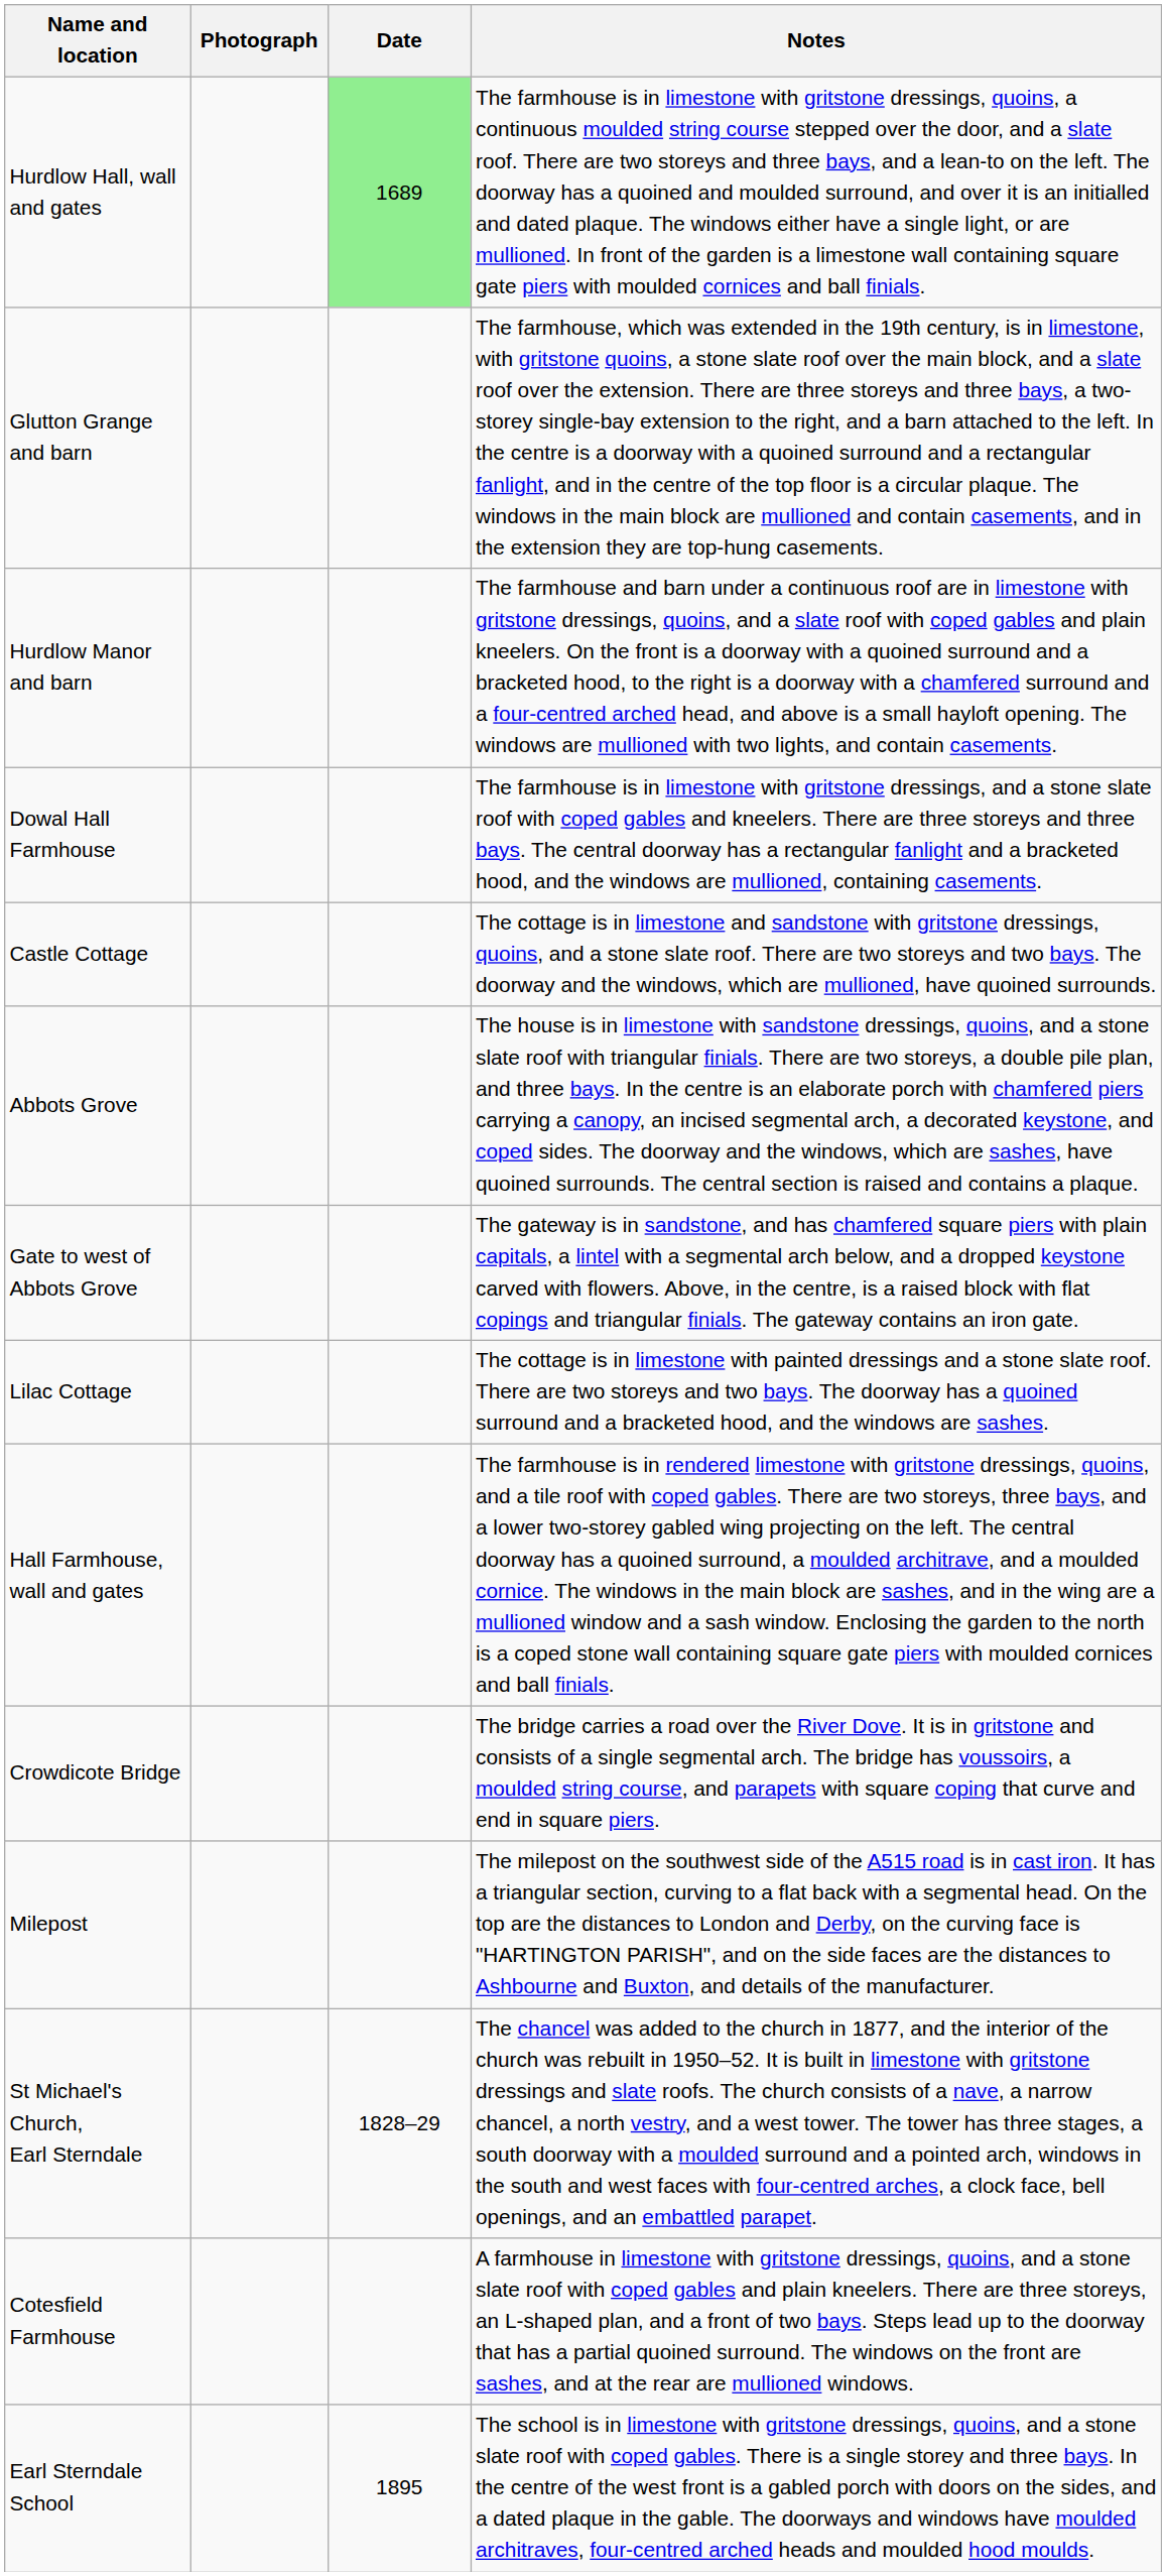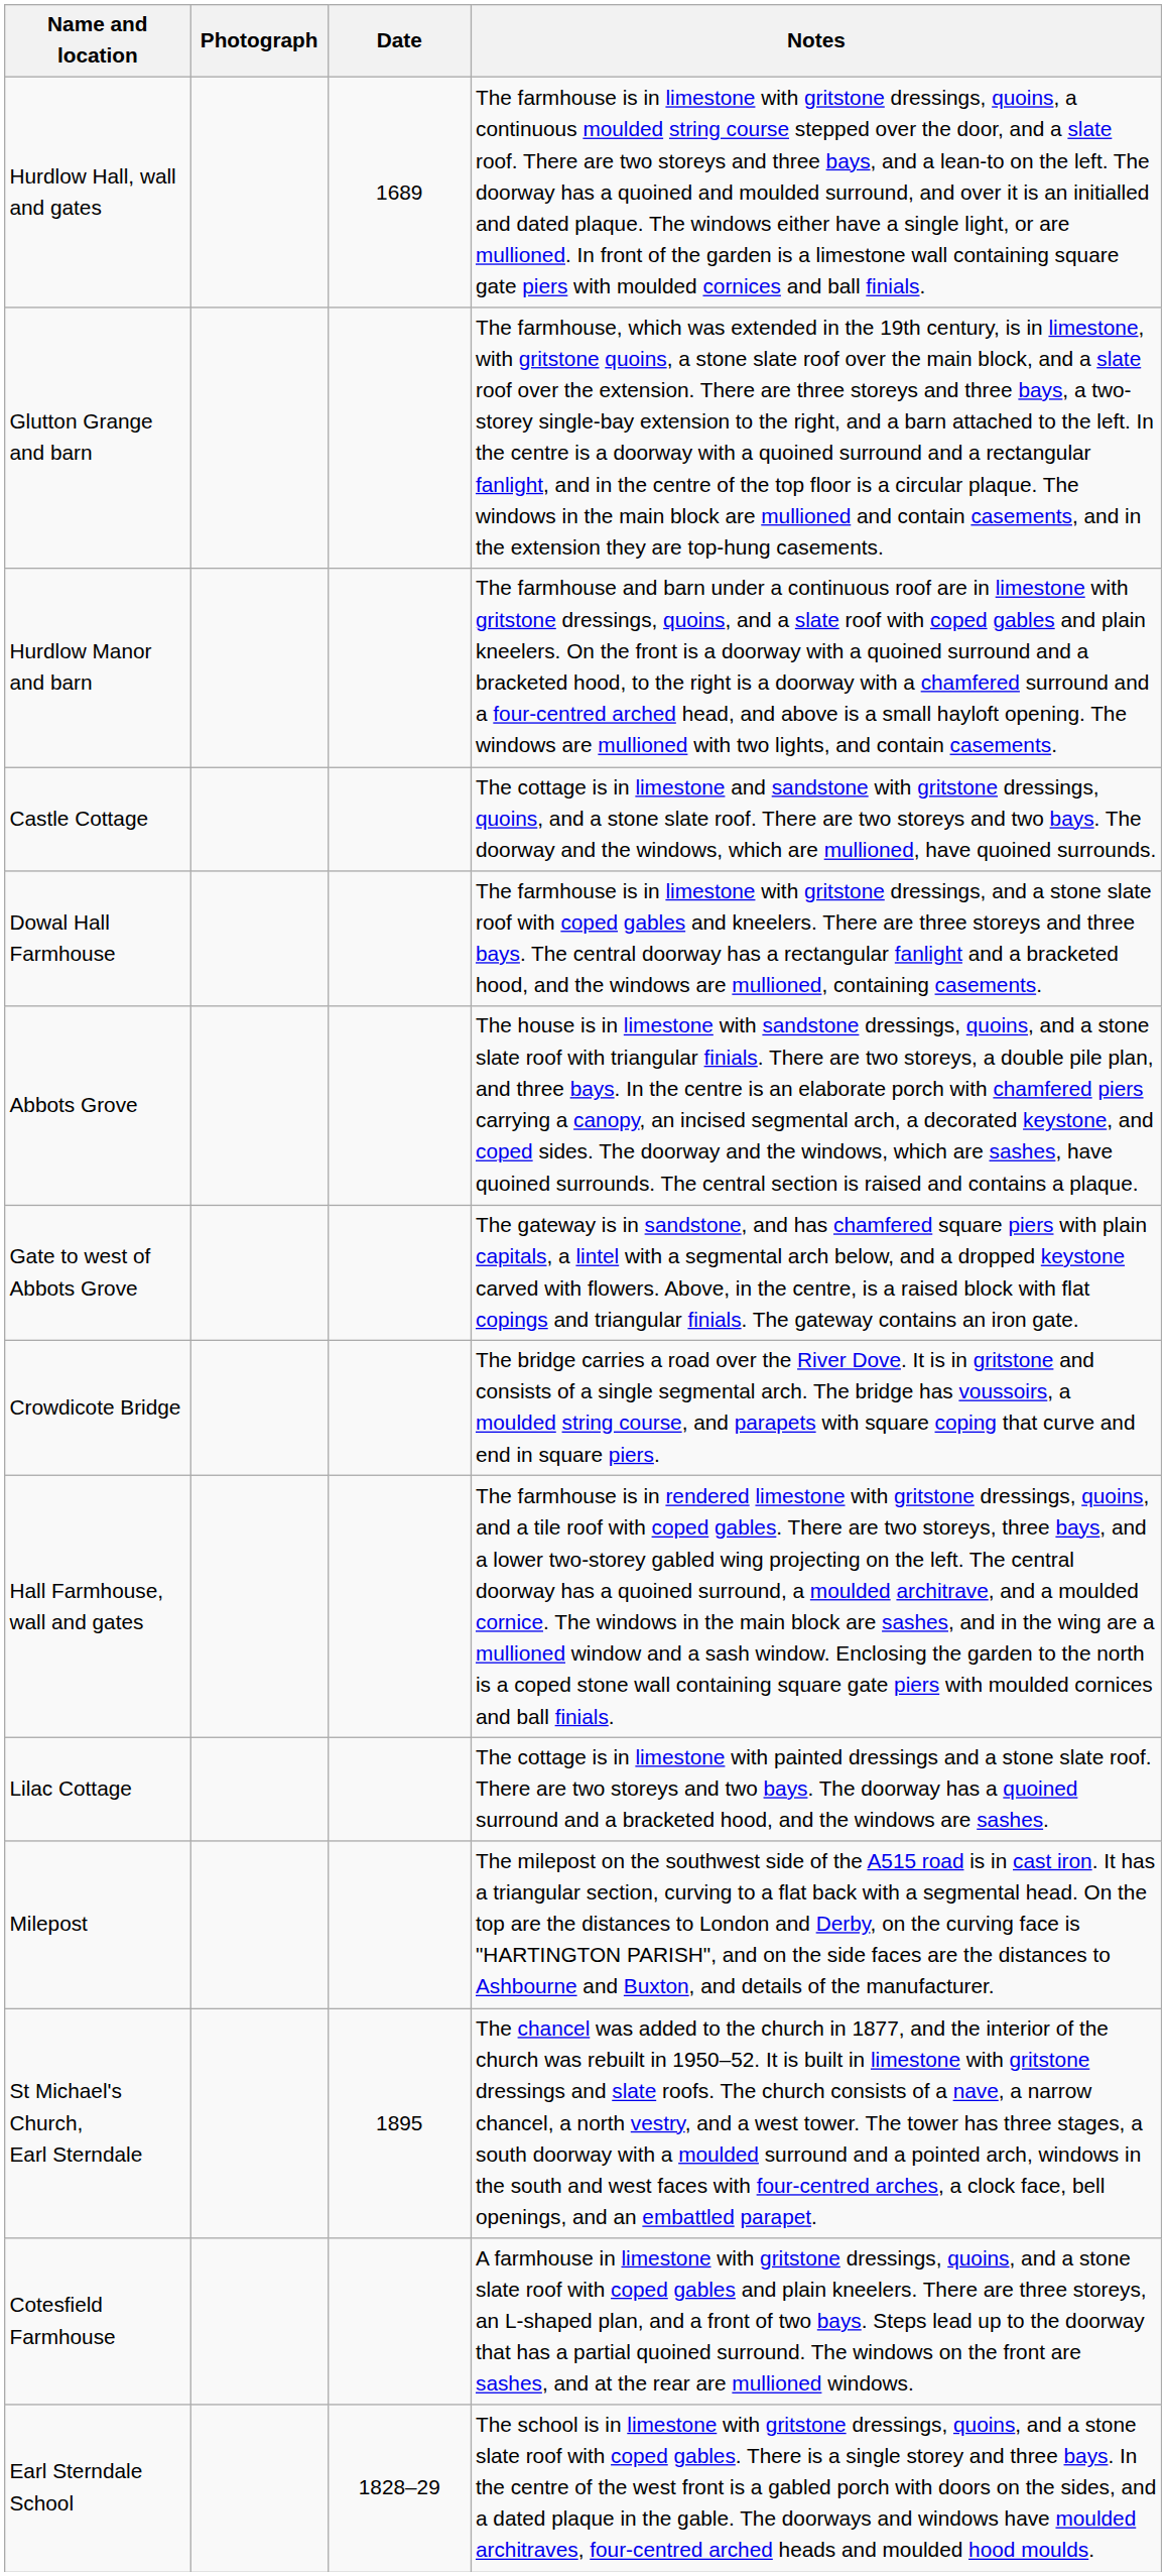 <table class="wikitable sortable plainrowheaders" style="width:100%;border:0px;text-align:left;line-height:150%;">
 <tr>
 <th scope="col"  style="width:150px">Name and location</th>
 <th scope="col"  style="width:100px" class="unsortable">Photograph</th>
 <th scope="col"  style="width:120px">Date</th>
 <th scope="col"  style="width:650px" class="unsortable">Notes</th>
 </tr>
 <tr>
 <td>Hurdlow Hall, wall and gates<br><small></small></td>
 <td></td>
-<td align="center" style="background: lightgreen;">1689</td>
+<td align="center">1689</td>
 <td>The farmhouse is in <a href='#'>limestone</a> with <a href='#'>gritstone</a> dressings, <a href='#'>quoins</a>, a continuous <a href='#'>moulded</a> <a href='#'>string course</a> stepped over the door, and a <a href='#'>slate</a> roof.  There are two storeys and three <a href='#'>bays</a>, and a lean-to on the left.  The doorway has a quoined and moulded surround, and over it is an initialled and dated plaque.  The windows either have a single light, or are <a href='#'>mullioned</a>.  In front of the garden is a limestone wall containing square gate <a href='#'>piers</a> with moulded <a href='#'>cornices</a> and ball <a href='#'>finials</a>.</td>
 </tr>
 <tr>
 <td>Glutton Grange and barn<br><small></small></td>
 <td></td>
 <td align="center"></td>
 <td>The farmhouse, which was extended in the 19th century, is in <a href='#'>limestone</a>, with <a href='#'>gritstone</a> <a href='#'>quoins</a>, a stone slate roof over the main block, and a <a href='#'>slate</a> roof over the extension.  There are three storeys and three <a href='#'>bays</a>, a two-storey single-bay extension to the right, and a barn attached to the left.  In the centre is a doorway with a quoined surround and a rectangular <a href='#'>fanlight</a>, and in the centre of the top floor is a circular plaque.  The windows in the main block are <a href='#'>mullioned</a> and contain <a href='#'>casements</a>, and in the extension they are top-hung casements.</td>
 </tr>
 <tr>
 <td>Hurdlow Manor and barn<br><small></small></td>
 <td></td>
 <td align="center"></td>
 <td>The farmhouse and barn under a continuous roof are in <a href='#'>limestone</a> with <a href='#'>gritstone</a> dressings, <a href='#'>quoins</a>, and a <a href='#'>slate</a> roof with <a href='#'>coped</a> <a href='#'>gables</a> and plain kneelers.  On the front is a doorway with a quoined surround and a bracketed hood, to the right is a doorway with a <a href='#'>chamfered</a> surround and a <a href='#'>four-centred arched</a> head, and above is a small hayloft opening.  The windows are <a href='#'>mullioned</a> with two lights, and contain <a href='#'>casements</a>.</td>
 </tr>
 <tr>
+<td>Castle Cottage<br><small></small></td>
+<td></td>
+<td align="center"></td>
+<td>The cottage is in <a href='#'>limestone</a> and <a href='#'>sandstone</a> with <a href='#'>gritstone</a> dressings, <a href='#'>quoins</a>, and a stone slate roof.  There are two storeys and two <a href='#'>bays</a>.  The doorway and the windows, which are <a href='#'>mullioned</a>, have quoined surrounds.</td>
+</tr>
+<tr>
 <td>Dowal Hall Farmhouse<br><small></small></td>
 <td></td>
 <td align="center"></td>
 <td>The farmhouse is in <a href='#'>limestone</a> with <a href='#'>gritstone</a> dressings, and a stone slate roof with <a href='#'>coped</a> <a href='#'>gables</a> and kneelers.  There are three storeys and three <a href='#'>bays</a>.  The central doorway has a rectangular <a href='#'>fanlight</a> and a bracketed hood, and the windows are <a href='#'>mullioned</a>, containing <a href='#'>casements</a>.</td>
-</tr>
-<tr>
-<td>Castle Cottage<br><small></small></td>
-<td></td>
-<td align="center"></td>
-<td>The cottage is in <a href='#'>limestone</a> and <a href='#'>sandstone</a> with <a href='#'>gritstone</a> dressings, <a href='#'>quoins</a>, and a stone slate roof.  There are two storeys and two <a href='#'>bays</a>.  The doorway and the windows, which are <a href='#'>mullioned</a>, have quoined surrounds.</td>
 </tr>
 <tr>
 <td>Abbots Grove<br><small></small></td>
 <td></td>
 <td align="center"></td>
 <td>The house is in <a href='#'>limestone</a> with <a href='#'>sandstone</a> dressings, <a href='#'>quoins</a>, and a stone slate roof with triangular <a href='#'>finials</a>.  There are two storeys, a double pile plan, and three <a href='#'>bays</a>. In the centre is an elaborate porch with <a href='#'>chamfered</a> <a href='#'>piers</a> carrying a <a href='#'>canopy</a>, an incised segmental arch, a decorated <a href='#'>keystone</a>, and <a href='#'>coped</a> sides.  The doorway and the windows, which are <a href='#'>sashes</a>, have quoined surrounds.  The central section is raised and contains a plaque.</td>
 </tr>
 <tr>
 <td>Gate to west of Abbots Grove<br><small></small></td>
 <td></td>
 <td align="center"></td>
 <td>The gateway is in <a href='#'>sandstone</a>, and has <a href='#'>chamfered</a> square <a href='#'>piers</a> with plain <a href='#'>capitals</a>, a <a href='#'>lintel</a> with a segmental arch below, and a dropped <a href='#'>keystone</a> carved with flowers. Above, in the centre, is a raised block with flat <a href='#'>copings</a> and triangular <a href='#'>finials</a>. The gateway contains an iron gate.</td>
 </tr>
 <tr>
-<td>Lilac Cottage<br><small></small></td>
+<td>Crowdicote Bridge<br><small></small></td>
 <td></td>
 <td align="center"></td>
-<td>The cottage is in <a href='#'>limestone</a> with painted dressings and a stone slate roof.  There are two storeys and two <a href='#'>bays</a>.  The doorway has a <a href='#'>quoined</a> surround and a bracketed hood, and the windows are <a href='#'>sashes</a>.</td>
+<td>The bridge carries a road over the <a href='#'>River Dove</a>.  It is in <a href='#'>gritstone</a> and consists of a single segmental arch.  The bridge has <a href='#'>voussoirs</a>, a <a href='#'>moulded</a> <a href='#'>string course</a>, and <a href='#'>parapets</a> with square <a href='#'>coping</a> that curve and end in square <a href='#'>piers</a>.</td>
 </tr>
 <tr>
 <td>Hall Farmhouse, wall and gates<br><small></small></td>
 <td></td>
 <td align="center"></td>
 <td>The farmhouse is in <a href='#'>rendered</a> <a href='#'>limestone</a> with <a href='#'>gritstone</a> dressings, <a href='#'>quoins</a>, and a tile roof with <a href='#'>coped</a> <a href='#'>gables</a>.  There are two storeys, three <a href='#'>bays</a>, and a lower two-storey gabled wing projecting on the left.  The central doorway has a quoined surround, a <a href='#'>moulded</a> <a href='#'>architrave</a>, and a moulded <a href='#'>cornice</a>.  The windows in the main block are <a href='#'>sashes</a>, and in the wing are a <a href='#'>mullioned</a> window and a sash window.  Enclosing the garden to the north is a coped stone wall containing square gate <a href='#'>piers</a> with moulded cornices and ball <a href='#'>finials</a>.</td>
 </tr>
 <tr>
-<td>Crowdicote Bridge<br><small></small></td>
+<td>Lilac Cottage<br><small></small></td>
 <td></td>
 <td align="center"></td>
-<td>The bridge carries a road over the <a href='#'>River Dove</a>.  It is in <a href='#'>gritstone</a> and consists of a single segmental arch.  The bridge has <a href='#'>voussoirs</a>, a <a href='#'>moulded</a> <a href='#'>string course</a>, and <a href='#'>parapets</a> with square <a href='#'>coping</a> that curve and end in square <a href='#'>piers</a>.</td>
+<td>The cottage is in <a href='#'>limestone</a> with painted dressings and a stone slate roof.  There are two storeys and two <a href='#'>bays</a>.  The doorway has a <a href='#'>quoined</a> surround and a bracketed hood, and the windows are <a href='#'>sashes</a>.</td>
 </tr>
 <tr>
 <td>Milepost<br><small></small></td>
 <td></td>
 <td align="center"></td>
 <td>The milepost on the southwest side of the <a href='#'>A515 road</a> is in <a href='#'>cast iron</a>.  It has a triangular section, curving to a flat back with a segmental head.  On the top are the distances to London and <a href='#'>Derby</a>, on the curving face is "HARTINGTON PARISH", and on the side faces are the distances to <a href='#'>Ashbourne</a> and <a href='#'>Buxton</a>, and details of the manufacturer.</td>
 </tr>
 <tr>
 <td>St Michael's Church,<br>Earl Sterndale<br><small></small></td>
 <td></td>
-<td align="center">1828–29</td>
+<td align="center">1895</td>
 <td>The <a href='#'>chancel</a> was added to the church in 1877, and the interior of the church was rebuilt in 1950–52.  It is built in <a href='#'>limestone</a> with <a href='#'>gritstone</a> dressings and <a href='#'>slate</a> roofs.  The church consists of a <a href='#'>nave</a>, a narrow chancel, a north <a href='#'>vestry</a>, and a west tower.  The tower has three stages, a south doorway with a <a href='#'>moulded</a> surround and a pointed arch, windows in the south and west faces with <a href='#'>four-centred arches</a>, a clock face, bell openings, and an <a href='#'>embattled</a> <a href='#'>parapet</a>.</td>
 </tr>
 <tr>
 <td>Cotesfield Farmhouse<br><small></small></td>
 <td></td>
 <td align="center"></td>
 <td>A farmhouse in <a href='#'>limestone</a> with <a href='#'>gritstone</a> dressings, <a href='#'>quoins</a>, and a stone slate roof with <a href='#'>coped</a> <a href='#'>gables</a> and plain kneelers.  There are three storeys, an L-shaped plan, and a front of two <a href='#'>bays</a>.  Steps lead up to the doorway that has a partial quoined surround.  The windows on the front are <a href='#'>sashes</a>, and at the rear are <a href='#'>mullioned</a> windows.</td>
 </tr>
 <tr>
 <td>Earl Sterndale School<br><small></small></td>
 <td></td>
-<td align="center">1895</td>
+<td align="center">1828–29</td>
 <td>The school is in <a href='#'>limestone</a> with <a href='#'>gritstone</a> dressings, <a href='#'>quoins</a>, and a stone slate roof with <a href='#'>coped</a> <a href='#'>gables</a>.  There is a single storey and three <a href='#'>bays</a>.  In the centre of the west front is a gabled porch with doors on the sides, and a dated plaque in the gable.  The doorways and windows have <a href='#'>moulded</a> <a href='#'>architraves</a>, <a href='#'>four-centred arched</a> heads and moulded <a href='#'>hood moulds</a>.</td>
 </tr>
 <tr>
 </tr>
 </table>
